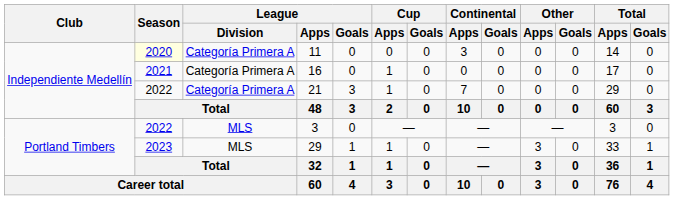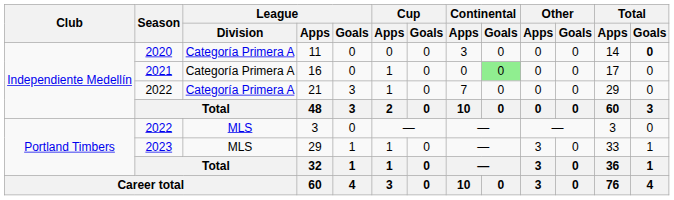 <table class="wikitable" style="text-align: center">
 <tr>
 <th rowspan="2">Club</th>
 <th rowspan="2">Season</th>
 <th colspan="3">League</th>
 <th colspan="2">Cup</th>
 <th colspan="2">Continental</th>
 <th colspan="2">Other</th>
 <th colspan="2">Total</th>
 </tr>
 <tr>
 <th>Division</th>
 <th>Apps</th>
 <th>Goals</th>
 <th>Apps</th>
 <th>Goals</th>
 <th>Apps</th>
 <th>Goals</th>
 <th>Apps</th>
 <th>Goals</th>
 <th>Apps</th>
 <th>Goals</th>
 </tr>
 <tr>
 <td rowspan=4><a href='#'>Independiente Medellín</a></td>
-<td style="background: lightyellow;"><a href='#'>2020</a></td>
+<td><a href='#'>2020</a></td>
 <td><a href='#'>Categoría Primera A</a></td>
 <td>11</td>
 <td>0</td>
 <td>0</td>
 <td>0</td>
 <td>3</td>
 <td>0</td>
 <td>0</td>
 <td>0</td>
 <td>14</td>
-<td>0</td>
+<td><strong>0</strong></td>
 </tr>
 <tr>
 <td><a href='#'>2021</a></td>
 <td>Categoría Primera A</td>
 <td>16</td>
 <td>0</td>
 <td>1</td>
 <td>0</td>
 <td>0</td>
-<td>0</td>
+<td style="background: lightgreen;">0</td>
 <td>0</td>
 <td>0</td>
 <td>17</td>
 <td>0</td>
 </tr>
 <tr>
 <td 2022 Categoría Primera A season>2022</td>
 <td><a href='#'>Categoría Primera A</a></td>
 <td>21</td>
 <td>3</td>
 <td>1</td>
 <td>0</td>
 <td>7</td>
 <td>0</td>
 <td>0</td>
 <td>0</td>
 <td>29</td>
 <td>0</td>
 </tr>
 <tr>
 <th colspan="2">Total</th>
 <th>48</th>
 <th>3</th>
 <th>2</th>
 <th>0</th>
 <th>10</th>
 <th>0</th>
 <th>0</th>
 <th>0</th>
 <th>60</th>
 <th>3</th>
 </tr>
 <tr>
 <td rowspan=3><a href='#'>Portland Timbers</a></td>
 <td><a href='#'>2022</a></td>
 <td><a href='#'>MLS</a></td>
 <td>3</td>
 <td>0</td>
 <td colspan="2">—</td>
 <td colspan="2">—</td>
 <td colspan="2">—</td>
 <td>3</td>
 <td>0</td>
 </tr>
 <tr>
 <td><a href='#'>2023</a></td>
 <td>MLS</td>
 <td>29</td>
 <td>1</td>
 <td>1</td>
 <td>0</td>
 <td colspan="2">—</td>
 <td>3</td>
 <td>0</td>
 <td>33</td>
 <td>1</td>
 </tr>
 <tr>
 <th colspan="2">Total</th>
 <th>32</th>
 <th>1</th>
 <th>1</th>
 <th>0</th>
 <th colspan="2">—</th>
 <th>3</th>
 <th>0</th>
 <th>36</th>
 <th>1</th>
 </tr>
 <tr>
 <th colspan="3"><strong>Career total</strong></th>
 <th>60</th>
 <th>4</th>
 <th>3</th>
 <th>0</th>
 <th>10</th>
 <th>0</th>
 <th>3</th>
 <th>0</th>
 <th>76</th>
 <th>4</th>
 </tr>
 </table>
